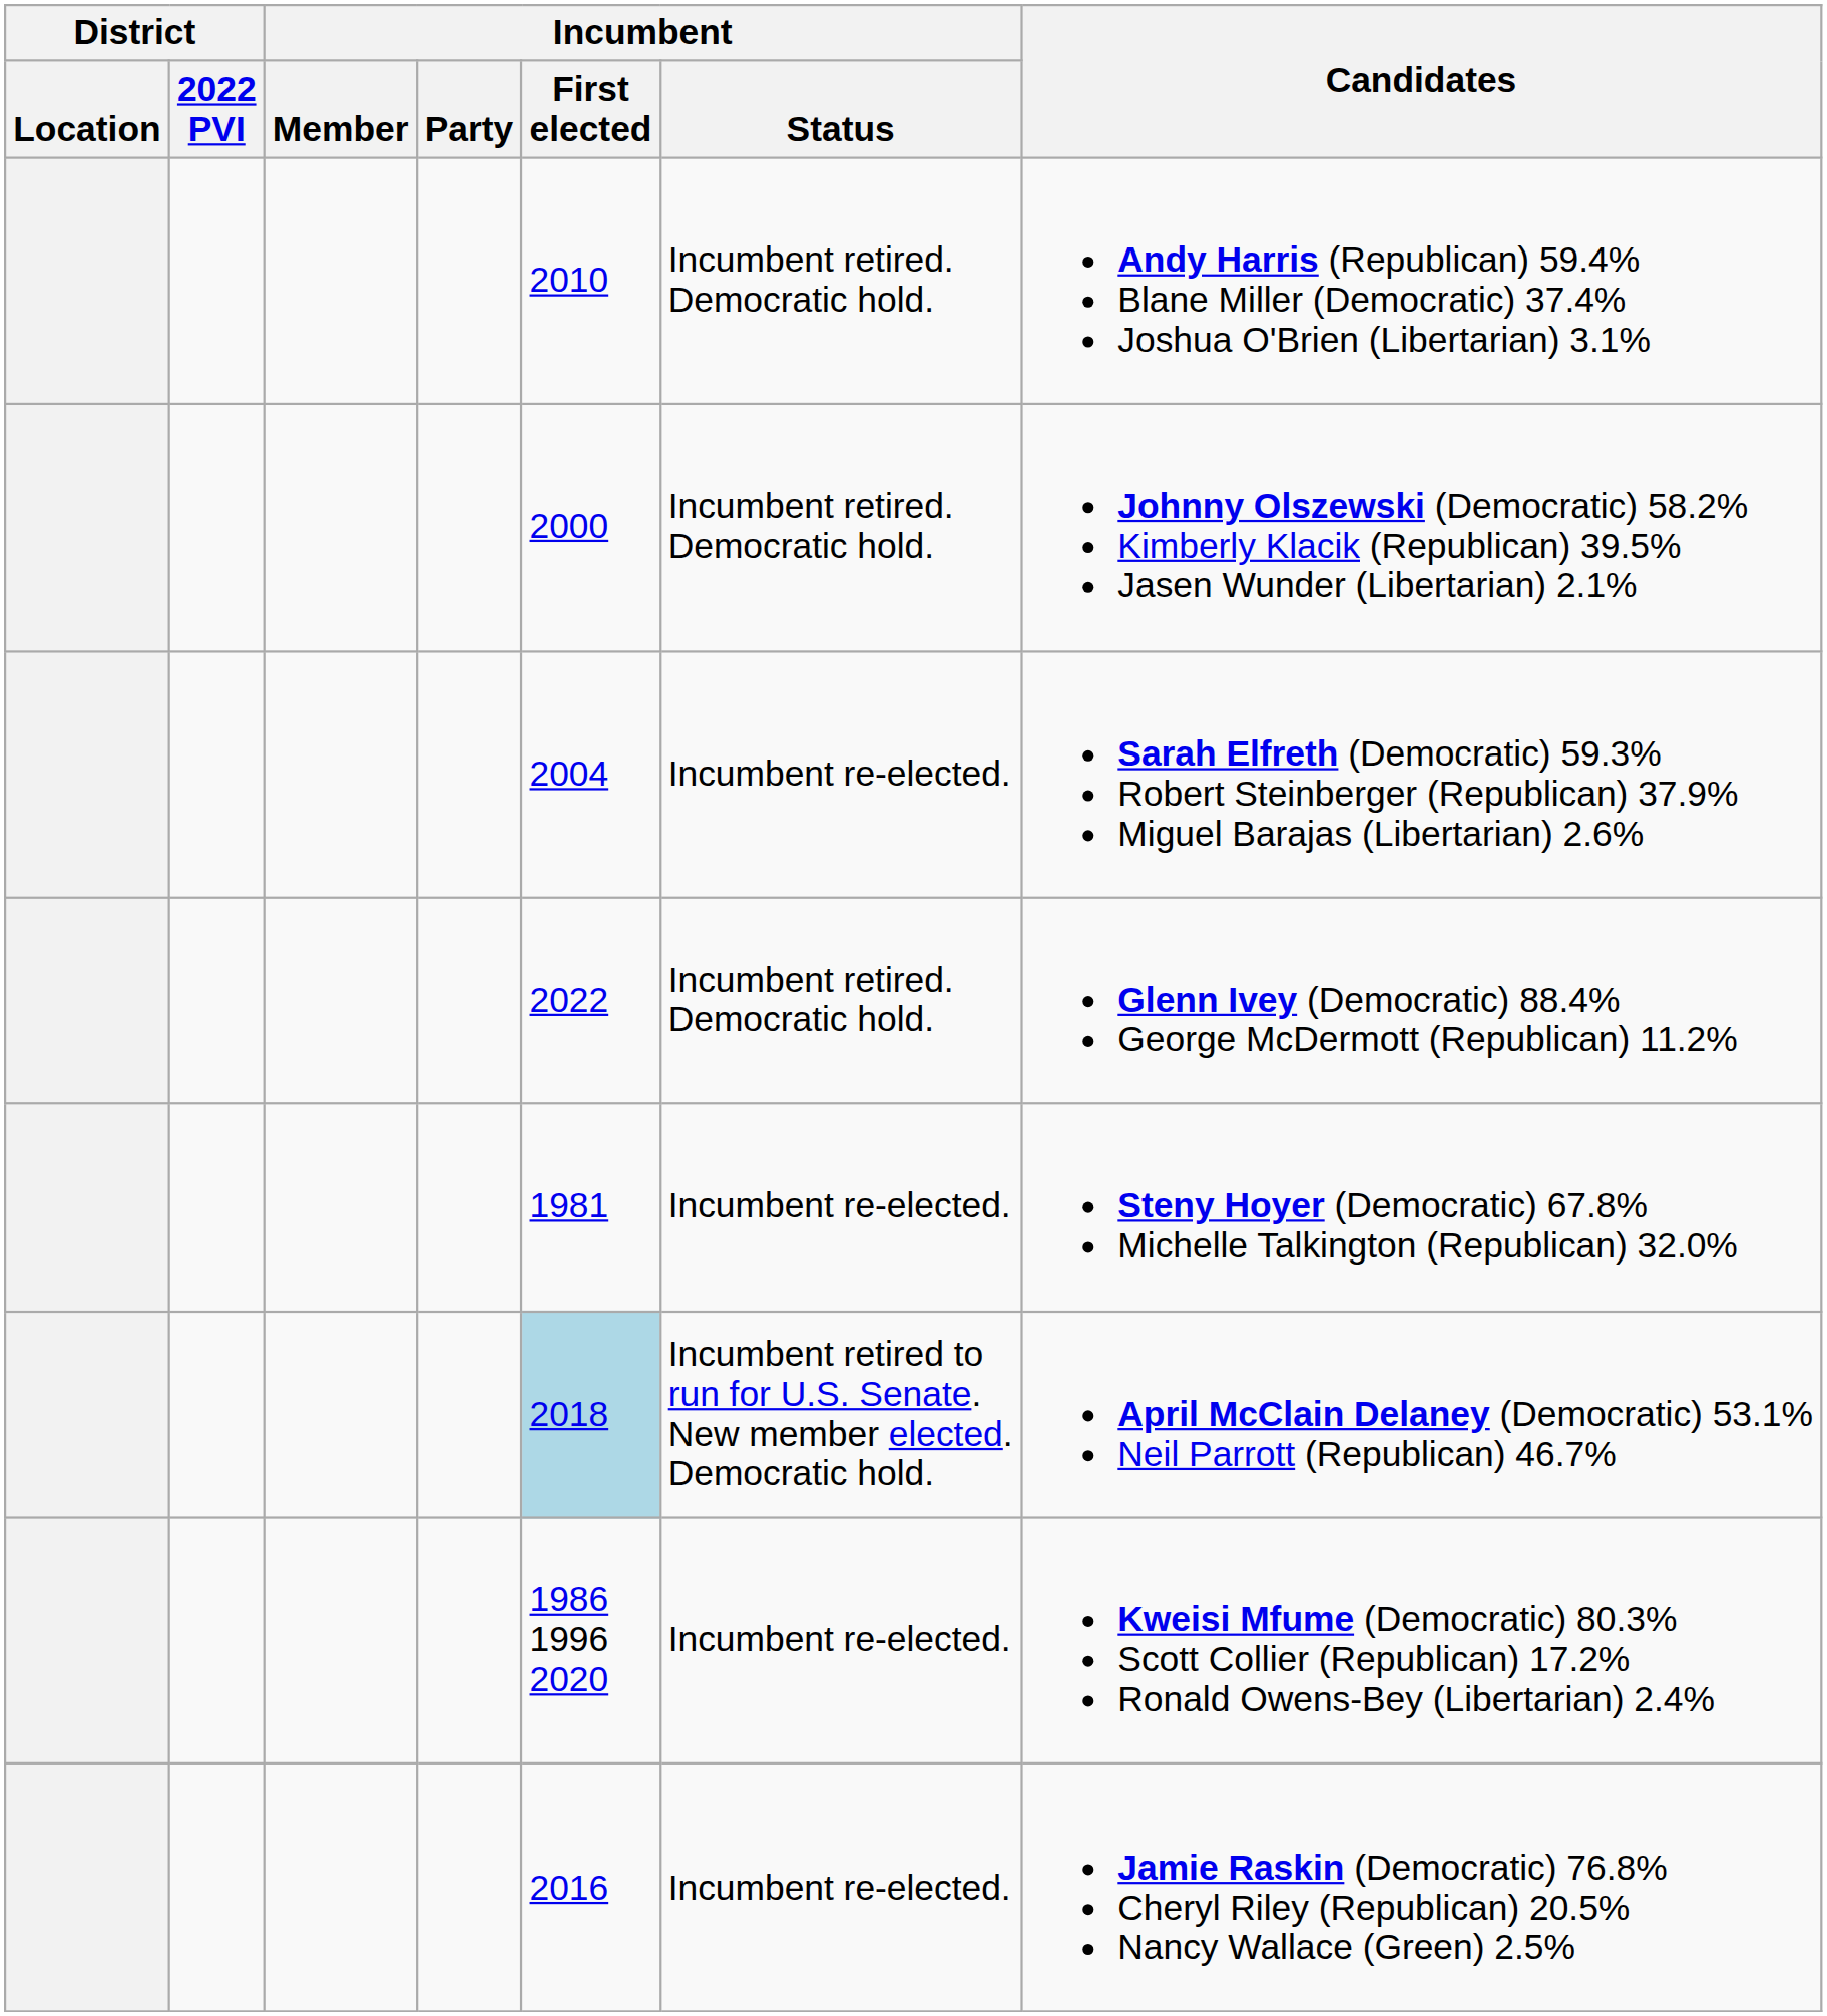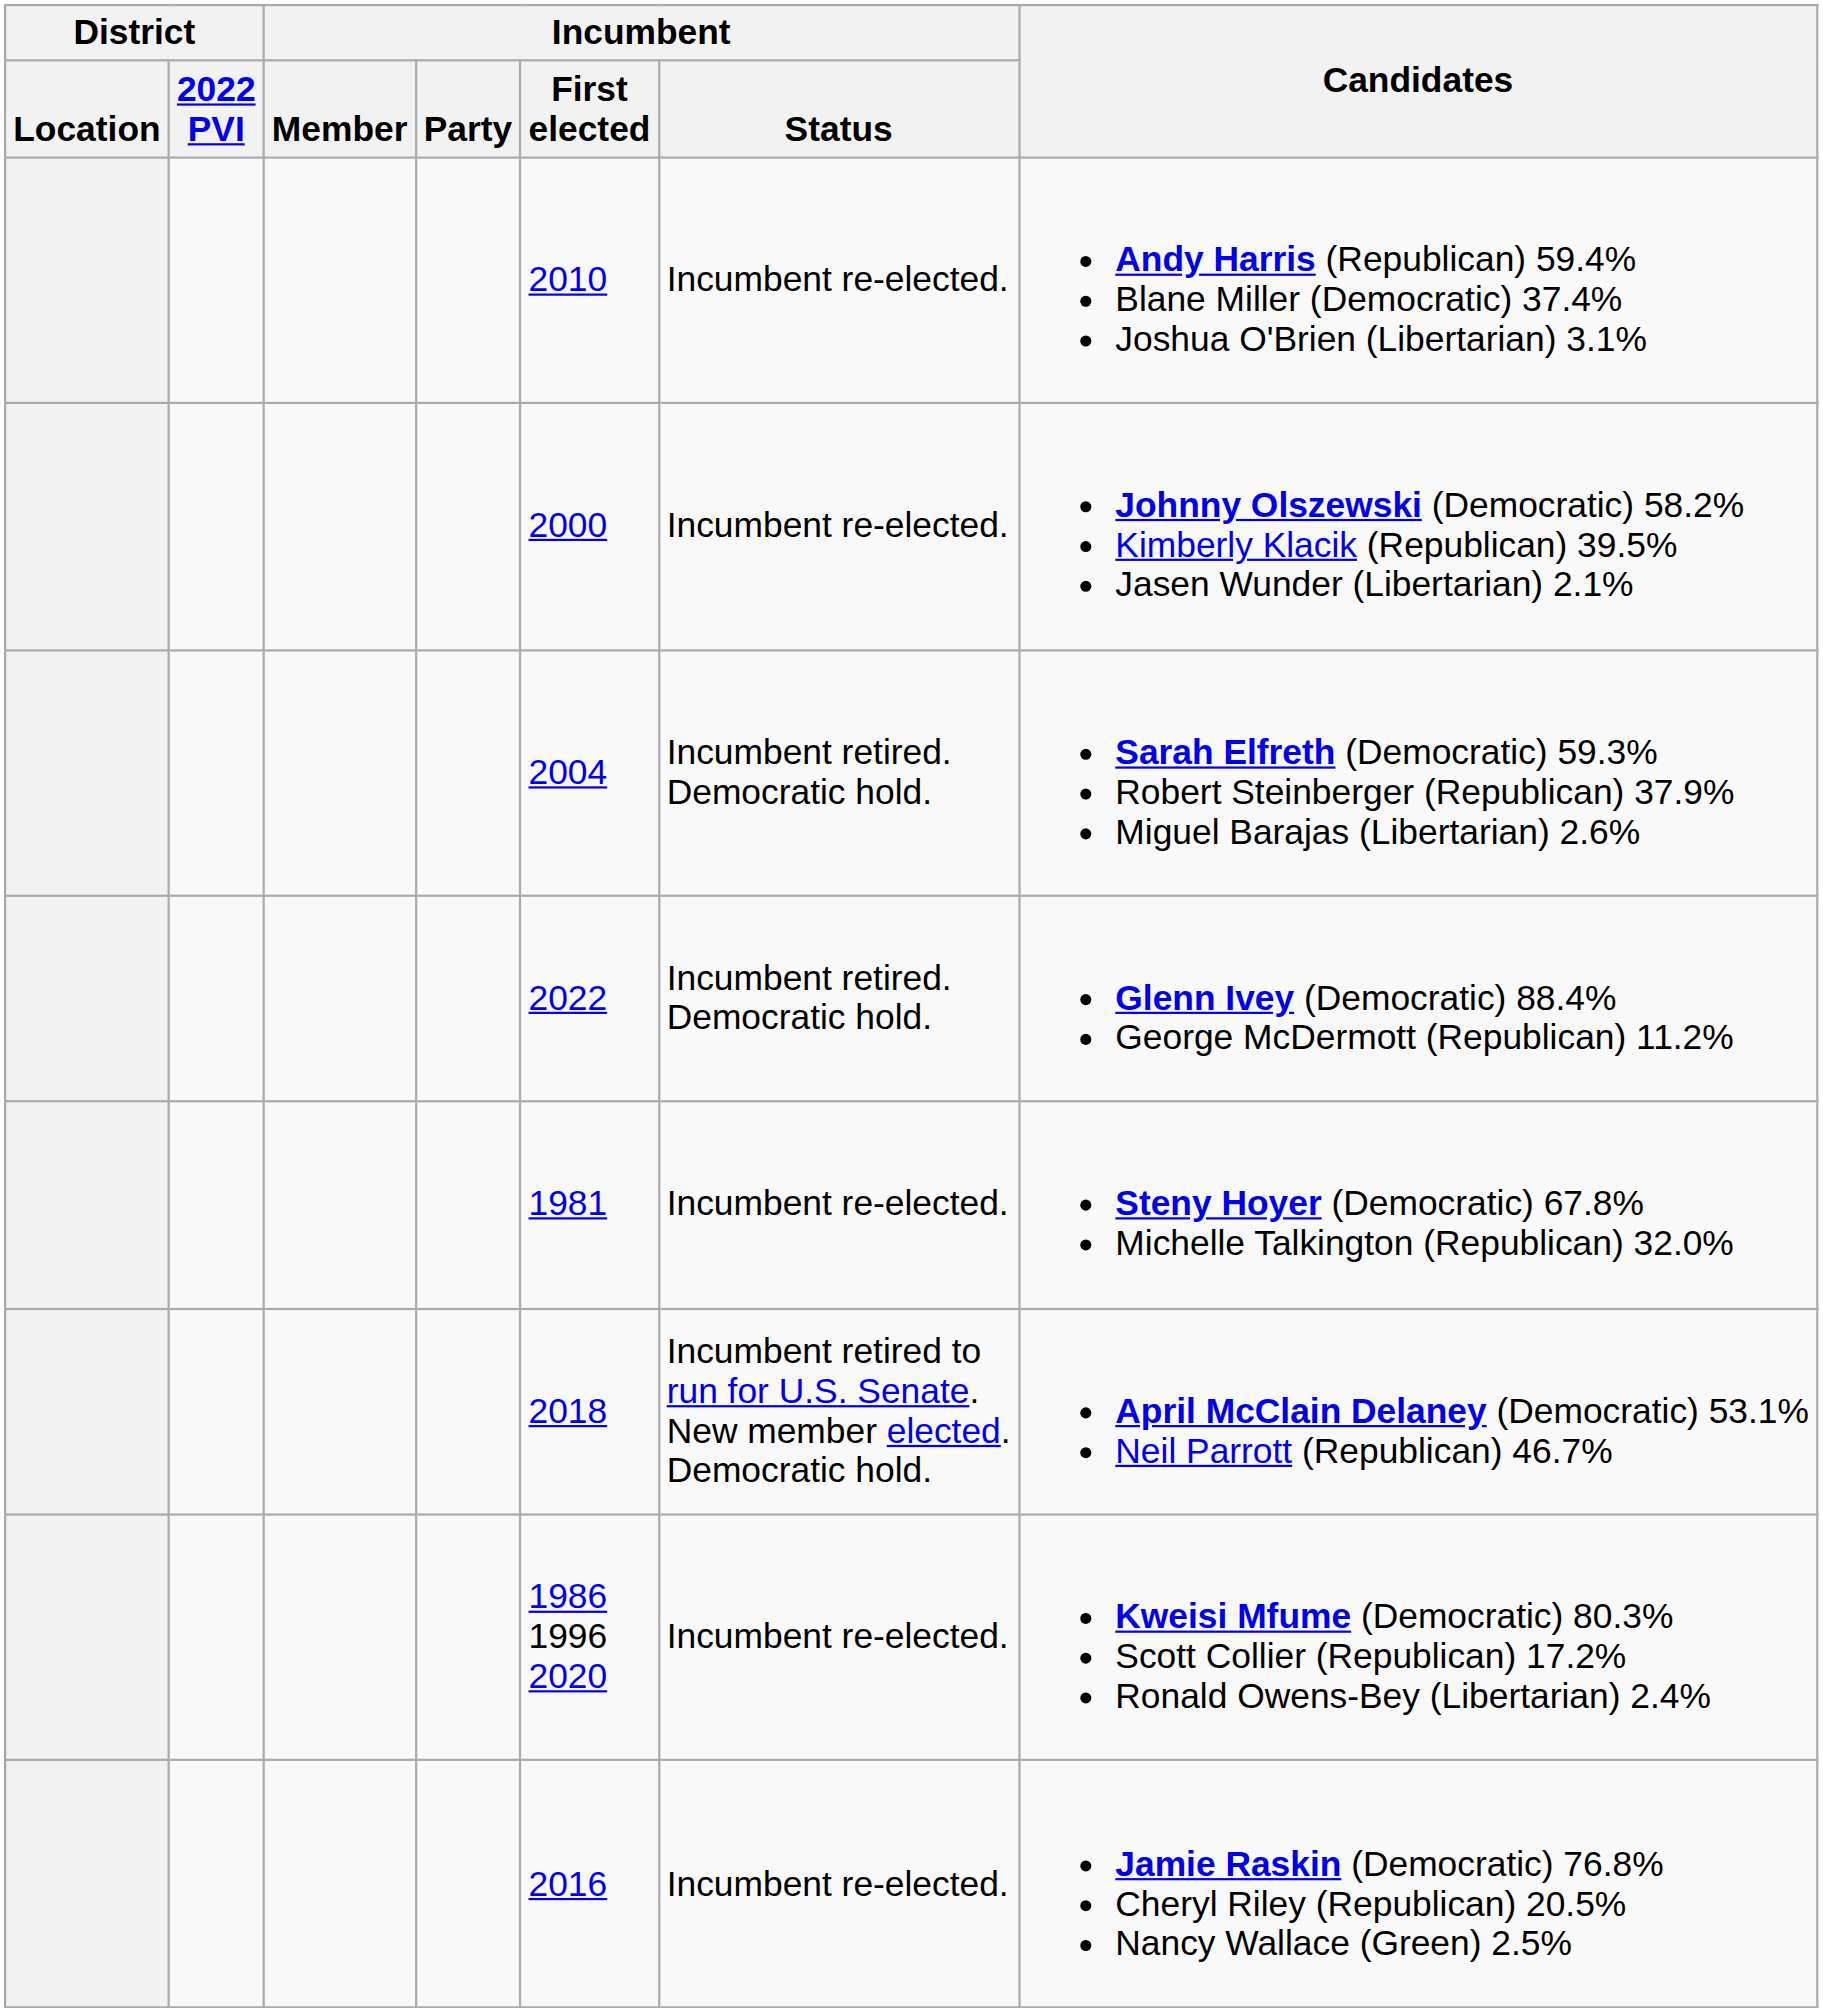 <table class="wikitable sortable">
 <tr>
 <th colspan=2>District</th>
 <th colspan=4>Incumbent</th>
 <th rowspan=2 class="unsortable">Candidates</th>
 </tr>
 <tr valign=bottom>
 <th>Location</th>
 <th><a href='#'>2022<br>PVI</a></th>
 <th>Member</th>
 <th>Party</th>
 <th>First<br>elected</th>
 <th>Status</th>
 </tr>
 <tr>
 <th></th>
 <td></td>
 <td></td>
 <td></td>
 <td><a href='#'>2010</a></td>
-<td>Incumbent retired.<br>Democratic hold.</td>
+<td>Incumbent re-elected.</td>
 <td nowrap><br><ul><li> <strong><a href='#'>Andy Harris</a></strong> (Republican) 59.4%</li><li>Blane Miller (Democratic) 37.4%</li><li>Joshua O'Brien (Libertarian) 3.1%</li></ul></td>
 </tr>
 <tr>
 <th></th>
 <td></td>
 <td></td>
 <td></td>
 <td><a href='#'>2000</a></td>
-<td>Incumbent retired.<br>Democratic hold.</td>
+<td>Incumbent re-elected.</td>
 <td nowrap><br><ul><li> <strong><a href='#'>Johnny Olszewski</a></strong> (Democratic) 58.2%</li><li><a href='#'>Kimberly Klacik</a> (Republican) 39.5%</li><li>Jasen Wunder (Libertarian) 2.1%</li></ul></td>
 </tr>
 <tr>
 <th></th>
 <td></td>
 <td></td>
 <td></td>
 <td><a href='#'>2004</a></td>
-<td>Incumbent re-elected.</td>
+<td>Incumbent retired.<br>Democratic hold.</td>
 <td nowrap><br><ul><li> <strong><a href='#'>Sarah Elfreth</a></strong> (Democratic) 59.3%</li><li>Robert Steinberger (Republican) 37.9%</li><li>Miguel Barajas (Libertarian) 2.6%</li></ul></td>
 </tr>
 <tr>
 <th></th>
 <td></td>
 <td></td>
 <td></td>
 <td><a href='#'>2022</a></td>
 <td>Incumbent retired.<br>Democratic hold.</td>
 <td nowrap><br><ul><li> <strong><a href='#'>Glenn Ivey</a></strong> (Democratic) 88.4%</li><li>George McDermott (Republican) 11.2%</li></ul></td>
 </tr>
 <tr>
 <th></th>
 <td></td>
 <td></td>
 <td></td>
 <td><a href='#'>1981 </a></td>
 <td>Incumbent re-elected.</td>
 <td nowrap><br><ul><li> <strong><a href='#'>Steny Hoyer</a></strong> (Democratic) 67.8%</li><li>Michelle Talkington (Republican) 32.0%</li></ul></td>
 </tr>
 <tr>
 <th></th>
 <td></td>
 <td></td>
 <td></td>
-<td style="background: lightblue;"><a href='#'>2018</a></td>
+<td><a href='#'>2018</a></td>
 <td>Incumbent retired to<br><a href='#'>run for U.S. Senate</a>.<br>New member <a href='#'>elected</a>.<br>Democratic hold.</td>
 <td nowrap><br><ul><li> <strong><a href='#'>April McClain Delaney</a></strong> (Democratic) 53.1%</li><li><a href='#'>Neil Parrott</a> (Republican) 46.7%</li></ul></td>
 </tr>
 <tr>
 <th></th>
 <td></td>
 <td></td>
 <td></td>
 <td><a href='#'>1986</a><br>1996 <br><a href='#'>2020 </a></td>
 <td>Incumbent re-elected.</td>
 <td nowrap><br><ul><li> <strong><a href='#'>Kweisi Mfume</a></strong> (Democratic) 80.3%</li><li>Scott Collier (Republican) 17.2%</li><li>Ronald Owens-Bey (Libertarian) 2.4%</li></ul></td>
 </tr>
 <tr>
 <th></th>
 <td></td>
 <td></td>
 <td></td>
 <td><a href='#'>2016</a></td>
 <td>Incumbent re-elected.</td>
 <td nowrap><br><ul><li> <strong><a href='#'>Jamie Raskin</a></strong> (Democratic) 76.8%</li><li>Cheryl Riley (Republican) 20.5%</li><li>Nancy Wallace (Green) 2.5%</li></ul></td>
 </tr>
 </table>
